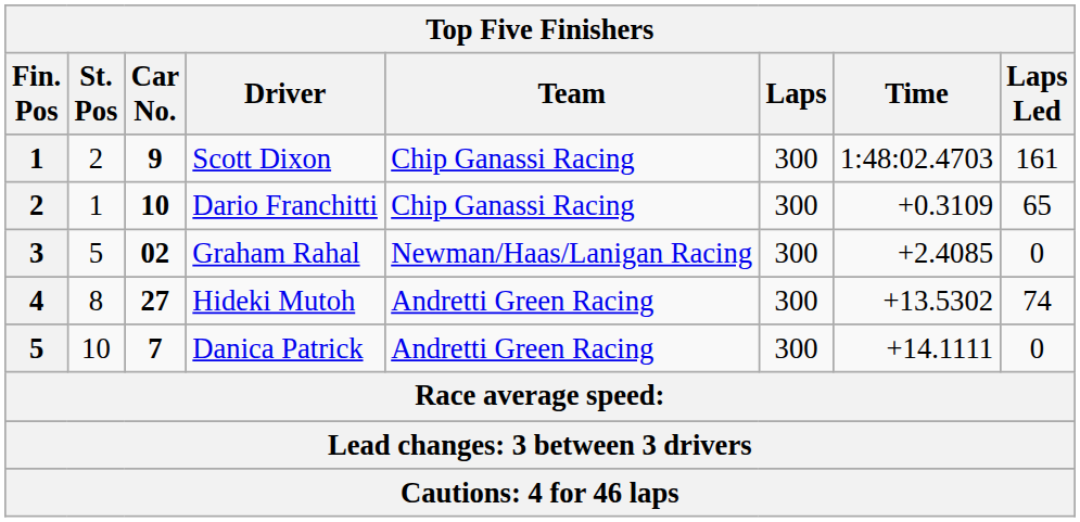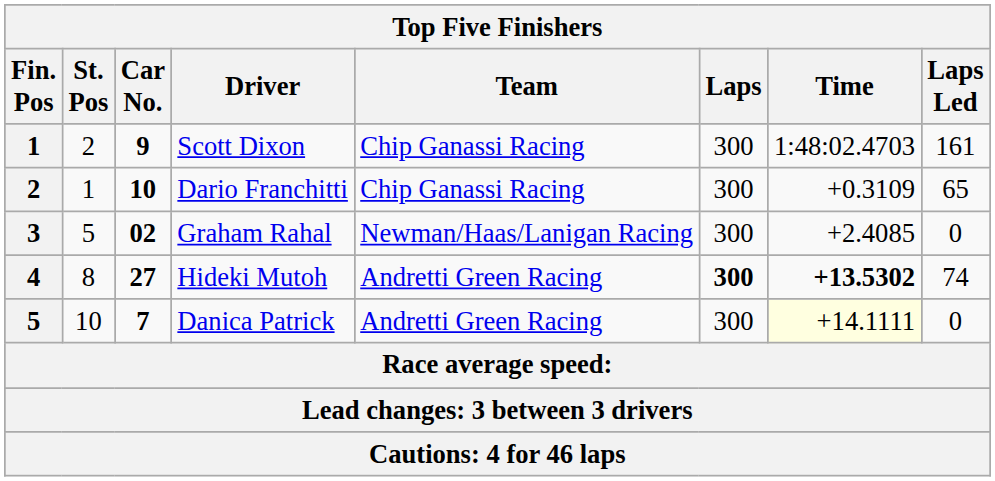 <table class="wikitable" style="font-size:95%;text-align:center">
 <tr>
 <th colspan=9>Top Five Finishers</th>
 </tr>
 <tr>
 <th>Fin.<br>Pos</th>
 <th>St.<br>Pos</th>
 <th>Car<br>No.</th>
 <th>Driver</th>
 <th>Team</th>
 <th>Laps</th>
 <th>Time</th>
 <th>Laps<br>Led</th>
 </tr>
 <tr>
 <th>1</th>
 <td>2</td>
 <td><strong>9</strong></td>
 <td style="text-align:left"> <a href='#'>Scott Dixon</a></td>
 <td style="text-align:left"><a href='#'>Chip Ganassi Racing</a></td>
 <td>300</td>
 <td align=right>1:48:02.4703</td>
 <td>161</td>
 </tr>
 <tr>
 <th>2</th>
 <td>1</td>
 <td><strong>10</strong></td>
 <td style="text-align:left"> <a href='#'>Dario Franchitti</a></td>
 <td style="text-align:left"><a href='#'>Chip Ganassi Racing</a></td>
 <td>300</td>
 <td align=right>+0.3109</td>
 <td>65</td>
 </tr>
 <tr>
 <th>3</th>
 <td>5</td>
 <td><strong>02</strong></td>
 <td style="text-align:left"> <a href='#'>Graham Rahal</a></td>
 <td style="text-align:left"><a href='#'>Newman/Haas/Lanigan Racing</a></td>
 <td>300</td>
 <td align=right>+2.4085</td>
 <td>0</td>
 </tr>
 <tr>
 <th>4</th>
 <td>8</td>
 <td><strong>27</strong></td>
 <td style="text-align:left"> <a href='#'>Hideki Mutoh</a></td>
 <td style="text-align:left"><a href='#'>Andretti Green Racing</a></td>
-<td>300</td>
-<td align=right>+13.5302</td>
+<td><strong>300</strong></td>
+<td align=right><strong>+13.5302</strong></td>
 <td>74</td>
 </tr>
 <tr>
 <th>5</th>
 <td>10</td>
 <td><strong>7</strong></td>
 <td style="text-align:left"> <a href='#'>Danica Patrick</a></td>
 <td style="text-align:left"><a href='#'>Andretti Green Racing</a></td>
 <td>300</td>
-<td align=right>+14.1111</td>
+<td align=right style="background: lightyellow;">+14.1111</td>
 <td>0</td>
 </tr>
 <tr>
 <th colspan=9>Race average speed: </th>
 </tr>
 <tr>
 <th colspan=9>Lead changes: 3 between 3 drivers</th>
 </tr>
 <tr>
 <th colspan=9>Cautions: 4 for 46 laps</th>
 </tr>
 </table>
